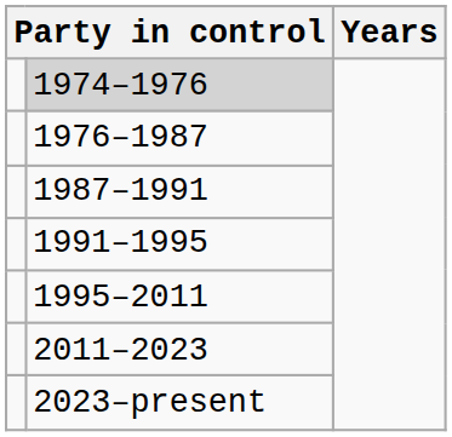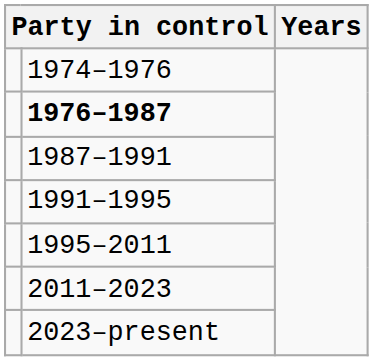 <table class="wikitable">
 <tr>
 <th colspan="2">Party in control</th>
 <th>Years</th>
 </tr>
 <tr>
 <td></td>
-<td style="background: lightgrey;">1974–1976</td>
+<td>1974–1976</td>
 </tr>
 <tr>
 <td></td>
-<td>1976–1987</td>
+<td><strong>1976–1987</strong></td>
 </tr>
 <tr>
 <td></td>
 <td>1987–1991</td>
 </tr>
 <tr>
 <td></td>
 <td>1991–1995</td>
 </tr>
 <tr>
 <td></td>
 <td>1995–2011</td>
 </tr>
 <tr>
 <td></td>
 <td>2011–2023</td>
 </tr>
 <tr>
 <td></td>
 <td>2023–present</td>
 </tr>
 </table>
